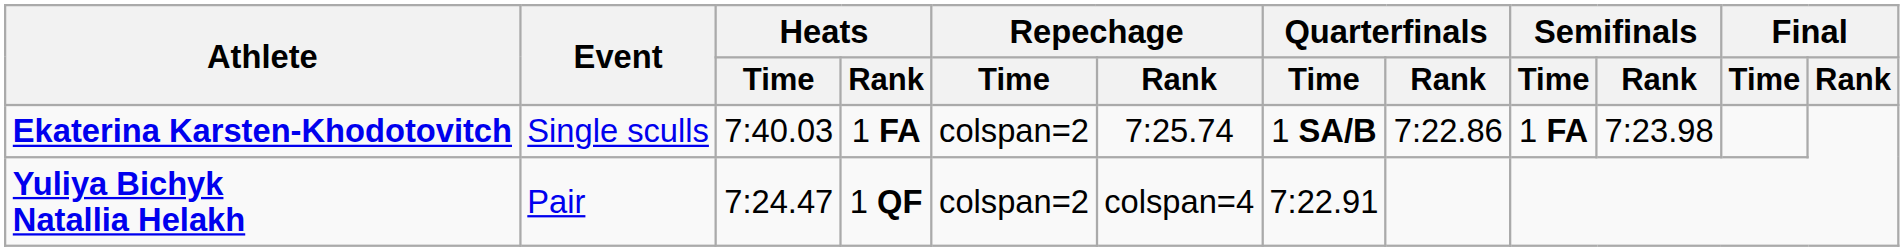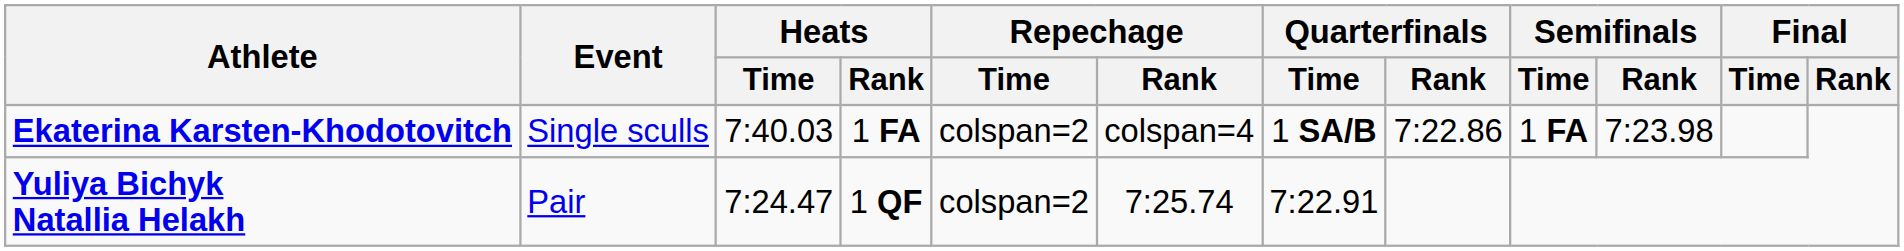 <table class="wikitable" style="font-size:90%">
 <tr>
 <th rowspan="2">Athlete</th>
 <th rowspan="2">Event</th>
 <th colspan="2">Heats</th>
 <th colspan="2">Repechage</th>
 <th colspan="2">Quarterfinals</th>
 <th colspan="2">Semifinals</th>
 <th colspan="2">Final</th>
 </tr>
 <tr style="font-size:95%">
 <th>Time</th>
 <th>Rank</th>
 <th>Time</th>
 <th>Rank</th>
 <th>Time</th>
 <th>Rank</th>
 <th>Time</th>
 <th>Rank</th>
 <th>Time</th>
 <th>Rank</th>
 </tr>
 <tr align=center>
 <td align=left><strong><a href='#'>Ekaterina Karsten-Khodotovitch</a></strong></td>
 <td align=left><a href='#'>Single sculls</a></td>
 <td>7:40.03</td>
 <td>1 <strong>FA</strong></td>
 <td>colspan=2 </td>
-<td>7:25.74</td>
+<td>colspan=4 </td>
 <td>1 <strong>SA/B</strong></td>
 <td>7:22.86</td>
 <td>1 <strong>FA</strong></td>
 <td>7:23.98</td>
 <td></td>
 </tr>
 <tr align=center>
 <td align=left><strong><a href='#'>Yuliya Bichyk</a><br><a href='#'>Natallia Helakh</a></strong></td>
 <td align=left><a href='#'>Pair</a></td>
 <td>7:24.47</td>
 <td>1 <strong>QF</strong></td>
 <td>colspan=2 </td>
-<td>colspan=4 </td>
+<td>7:25.74</td>
 <td>7:22.91</td>
 <td></td>
 </tr>
 </table>
